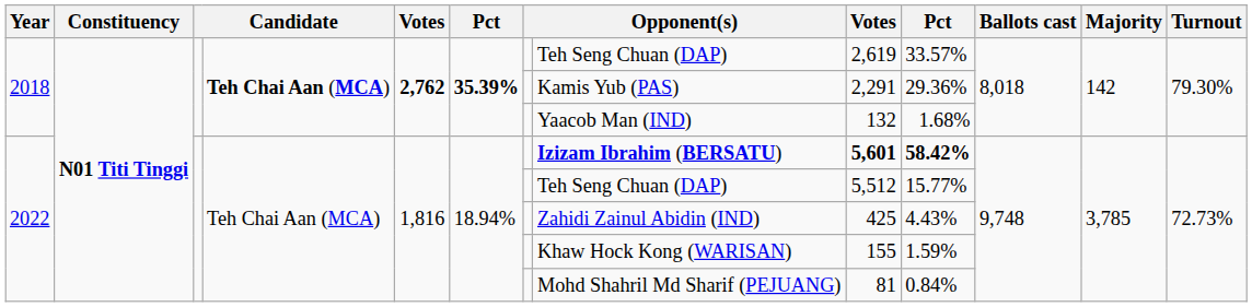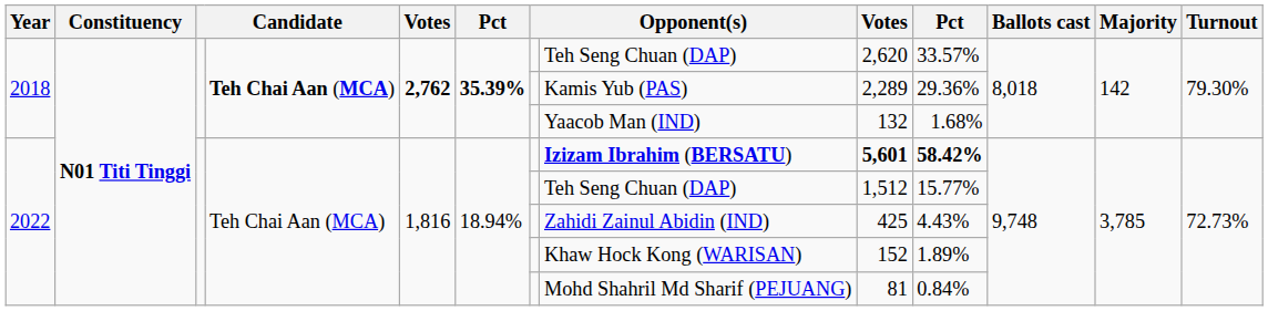 <table class="wikitable" style="margin:0.5em ; font-size:95%">
 <tr>
 <th>Year</th>
 <th>Constituency</th>
 <th colspan=2>Candidate</th>
 <th>Votes</th>
 <th>Pct</th>
 <th colspan=2>Opponent(s)</th>
 <th>Votes</th>
 <th>Pct</th>
 <th>Ballots cast</th>
 <th>Majority</th>
 <th>Turnout</th>
 </tr>
 <tr>
 <td rowspan=3><a href='#'>2018</a></td>
 <td rowspan=8><strong>N01 <a href='#'>Titi Tinggi</a></strong></td>
 <td rowspan=3 ></td>
 <td rowspan=3><strong>Teh Chai Aan</strong> (<a href='#'><strong>MCA</strong></a>)</td>
 <td rowspan=3 align="right"><strong>2,762</strong></td>
 <td rowspan=3><strong>35.39%</strong></td>
 <td></td>
 <td>Teh Seng Chuan (<a href='#'>DAP</a>)</td>
-<td align="right">2,619</td>
+<td align="right">2,620</td>
 <td>33.57%</td>
 <td rowspan=3>8,018</td>
 <td rowspan=3>142</td>
 <td rowspan=3>79.30%</td>
 </tr>
 <tr>
 <td></td>
 <td>Kamis Yub (<a href='#'>PAS</a>)</td>
-<td align="right">2,291</td>
+<td align="right">2,289</td>
 <td>29.36%</td>
 </tr>
 <tr>
 <td></td>
 <td>Yaacob Man (<a href='#'>IND</a>)</td>
 <td align="right">132</td>
 <td align=right>1.68%</td>
 </tr>
 <tr>
 <td rowspan=5><a href='#'>2022</a></td>
 <td rowspan=5 ></td>
 <td rowspan=5>Teh Chai Aan (<a href='#'>MCA</a>)</td>
 <td rowspan=5 align="right">1,816</td>
 <td rowspan=5>18.94%</td>
 <td bgcolor=></td>
 <td><strong><a href='#'>Izizam Ibrahim</a></strong> (<a href='#'><strong>BERSATU</strong></a>)</td>
 <td align="right"><strong>5,601</strong></td>
 <td><strong>58.42%</strong></td>
 <td rowspan=5>9,748</td>
 <td rowspan=5>3,785</td>
 <td rowspan=5>72.73%</td>
 </tr>
 <tr>
 <td></td>
 <td>Teh Seng Chuan (<a href='#'>DAP</a>)</td>
-<td align="right">5,512</td>
+<td align="right">1,512</td>
 <td>15.77%</td>
 </tr>
 <tr>
 <td></td>
 <td><a href='#'>Zahidi Zainul Abidin</a> (<a href='#'>IND</a>)</td>
 <td align="right">425</td>
 <td>4.43%</td>
 </tr>
 <tr>
 <td bgcolor=></td>
 <td>Khaw Hock Kong (<a href='#'>WARISAN</a>)</td>
-<td align="right">155</td>
-<td>1.59%</td>
+<td align="right">152</td>
+<td>1.89%</td>
 </tr>
 <tr>
 <td></td>
 <td>Mohd Shahril Md Sharif (<a href='#'>PEJUANG</a>)</td>
 <td align="right">81</td>
 <td>0.84%</td>
 </tr>
 </table>
